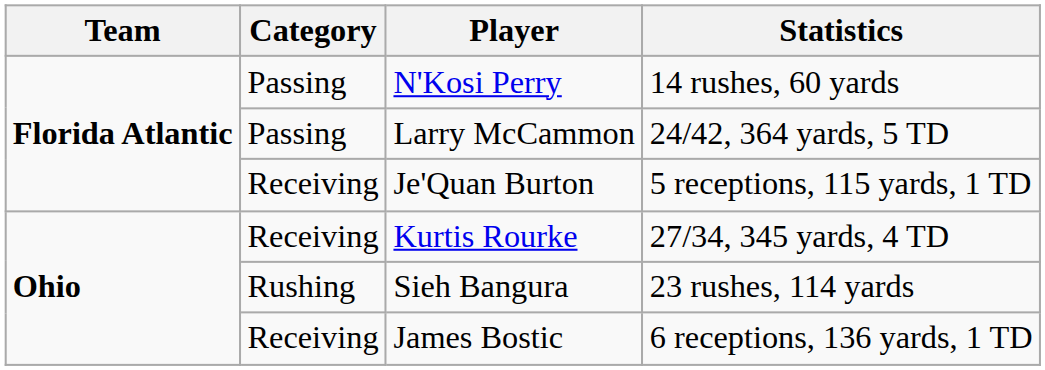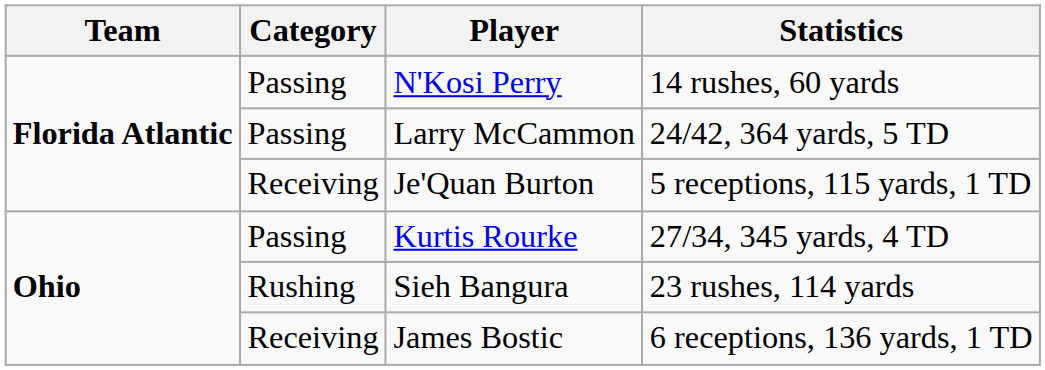 <table class="wikitable" style="float: right;">
 <tr>
 <th>Team</th>
 <th>Category</th>
 <th>Player</th>
 <th>Statistics</th>
 </tr>
 <tr>
 <td rowspan=3><strong>Florida Atlantic</strong></td>
 <td>Passing</td>
 <td><a href='#'>N'Kosi Perry</a></td>
 <td>14 rushes, 60 yards</td>
 </tr>
 <tr>
 <td>Passing</td>
 <td>Larry McCammon</td>
 <td>24/42, 364 yards, 5 TD</td>
 </tr>
 <tr>
 <td>Receiving</td>
 <td>Je'Quan Burton</td>
 <td>5 receptions, 115 yards, 1 TD</td>
 </tr>
 <tr>
 <td rowspan=3><strong>Ohio</strong></td>
-<td>Receiving</td>
+<td>Passing</td>
 <td><a href='#'>Kurtis Rourke</a></td>
 <td>27/34, 345 yards, 4 TD</td>
 </tr>
 <tr>
 <td>Rushing</td>
 <td>Sieh Bangura</td>
 <td>23 rushes, 114 yards</td>
 </tr>
 <tr>
 <td>Receiving</td>
 <td>James Bostic</td>
 <td>6 receptions, 136 yards, 1 TD</td>
 </tr>
 </table>
